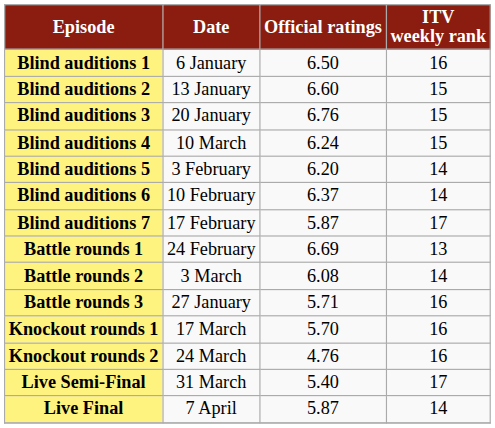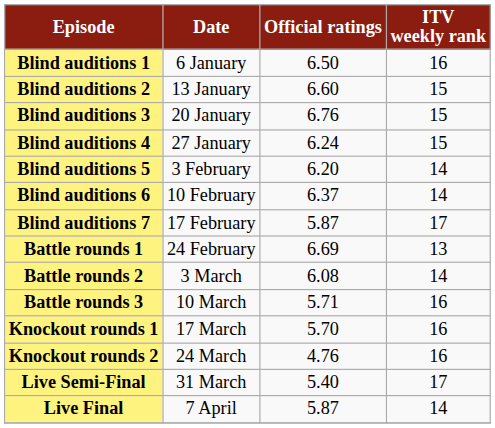 <table class="wikitable" style="text-align:center; background:#f9f9f9; line-height:16px;">
 <tr>
 <th style="background:#8b1c10; color:white;">Episode</th>
 <th style="background:#8b1c10; color:white;">Date</th>
 <th style="background:#8b1c10; color:white;">Official ratings</th>
 <th style="background:#8b1c10; color:white;">ITV<br>weekly rank</th>
 </tr>
 <tr>
 <td style="background:#FFF380"><strong>Blind auditions 1</strong></td>
 <td>6 January</td>
 <td>6.50</td>
 <td>16</td>
 </tr>
 <tr>
 <td style="background:#FFF380"><strong>Blind auditions 2</strong></td>
 <td>13 January</td>
 <td>6.60</td>
 <td>15</td>
 </tr>
 <tr>
 <td style="background:#FFF380"><strong>Blind auditions 3</strong></td>
 <td>20 January</td>
 <td>6.76</td>
 <td>15</td>
 </tr>
 <tr>
 <td style="background:#FFF380"><strong>Blind auditions 4</strong></td>
-<td>10 March</td>
+<td>27 January</td>
 <td>6.24</td>
 <td>15</td>
 </tr>
 <tr>
 <td style="background:#FFF380"><strong>Blind auditions 5</strong></td>
 <td>3 February</td>
 <td>6.20</td>
 <td>14</td>
 </tr>
 <tr>
 <td style="background:#FFF380"><strong>Blind auditions 6</strong></td>
 <td>10 February</td>
 <td>6.37</td>
 <td>14</td>
 </tr>
 <tr>
 <td style="background:#FFF380"><strong>Blind auditions 7</strong></td>
 <td>17 February</td>
 <td>5.87</td>
 <td>17</td>
 </tr>
 <tr>
 <td style="background:#FFF380"><strong>Battle rounds 1</strong></td>
 <td>24 February</td>
 <td>6.69</td>
 <td>13</td>
 </tr>
 <tr>
 <td style="background:#FFF380"><strong>Battle rounds 2</strong></td>
 <td>3 March</td>
 <td>6.08</td>
 <td>14</td>
 </tr>
 <tr>
 <td style="background:#FFF380"><strong>Battle rounds 3</strong></td>
-<td>27 January</td>
+<td>10 March</td>
 <td>5.71</td>
 <td>16</td>
 </tr>
 <tr>
 <td style="background:#FFF380"><strong>Knockout rounds 1</strong></td>
 <td>17 March</td>
 <td>5.70</td>
 <td>16</td>
 </tr>
 <tr>
 <td style="background:#FFF380"><strong>Knockout rounds 2</strong></td>
 <td>24 March</td>
 <td>4.76</td>
 <td>16</td>
 </tr>
 <tr>
 <td style="background:#FFF380"><strong>Live Semi-Final</strong></td>
 <td>31 March</td>
 <td>5.40</td>
 <td>17</td>
 </tr>
 <tr>
 <td style="background:#FFF380"><strong>Live Final</strong></td>
 <td>7 April</td>
 <td>5.87</td>
 <td>14</td>
 </tr>
 <tr>
 </tr>
 </table>
